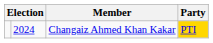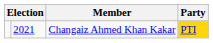 <table class="wikitable">
 <tr>
 <th colspan="2">Election</th>
 <th>Member</th>
 <th>Party</th>
 </tr>
 <tr>
 <td style="background-color: "></td>
-<td><a href='#'>2024</a></td>
+<td><a href='#'>2021</a></td>
 <td><a href='#'>Changaiz Ahmed Khan Kakar</a></td>
 <td style="background: gold;"><a href='#'>PTI</a></td>
 </tr>
 </table>
